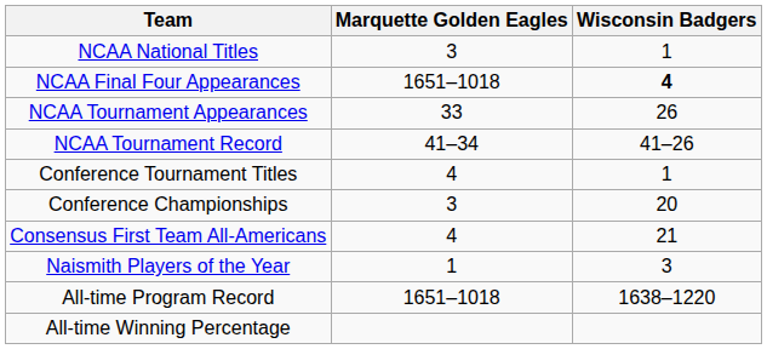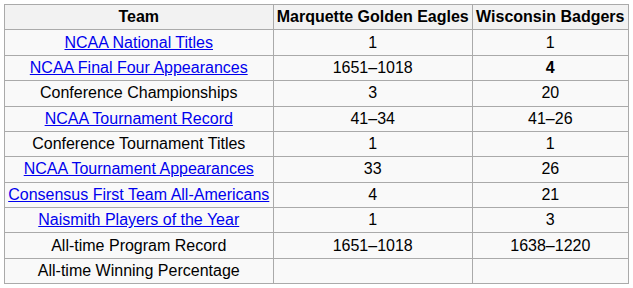 <table class="wikitable" style="text-align:center;">
 <tr>
 <th>Team</th>
 <th>Marquette Golden Eagles</th>
 <th>Wisconsin Badgers</th>
 </tr>
 <tr>
 <td><a href='#'>NCAA National Titles</a></td>
-<td>3</td>
+<td>1</td>
 <td>1</td>
 </tr>
 <tr>
 <td><a href='#'>NCAA Final Four Appearances</a></td>
 <td>1651–1018</td>
 <td><strong>4</strong></td>
 </tr>
 <tr>
-<td><a href='#'>NCAA Tournament Appearances</a></td>
-<td>33</td>
-<td>26</td>
+<td>Conference Championships</td>
+<td>3</td>
+<td>20</td>
 </tr>
 <tr>
 <td><a href='#'>NCAA Tournament Record</a></td>
 <td>41–34</td>
 <td>41–26</td>
 </tr>
 <tr>
 <td>Conference Tournament Titles</td>
-<td>4</td>
+<td>1</td>
 <td>1</td>
 </tr>
 <tr>
-<td>Conference Championships</td>
-<td>3</td>
-<td>20</td>
+<td><a href='#'>NCAA Tournament Appearances</a></td>
+<td>33</td>
+<td>26</td>
 </tr>
 <tr>
 <td><a href='#'>Consensus First Team All-Americans</a></td>
 <td>4</td>
 <td>21</td>
 </tr>
 <tr>
 <td><a href='#'>Naismith Players of the Year</a></td>
 <td>1</td>
 <td>3</td>
 </tr>
 <tr>
 <td>All-time Program Record</td>
 <td>1651–1018</td>
 <td>1638–1220</td>
 </tr>
 <tr>
 <td>All-time Winning Percentage</td>
 <td></td>
 <td></td>
 </tr>
 </table>
